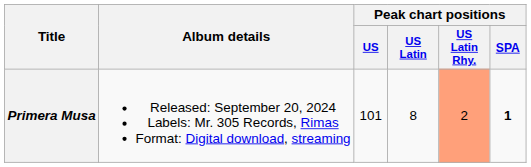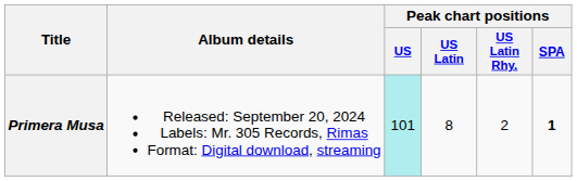 <table class="wikitable plainrowheaders" style="text-align: center;">
 <tr>
 <th scope="col" rowspan="2">Title</th>
 <th scope="col" rowspan="2">Album details</th>
 <th scope="col" colspan="4">Peak chart positions</th>
 </tr>
 <tr>
 <th scope="col" style="width:2.5em;font-size:85%;"><a href='#'>US</a><br></th>
 <th style="width:4em;font-size:85%"><a href='#'>US<br>Latin</a><br></th>
 <th style="width:4em;font-size:85%"><a href='#'>US<br>Latin<br>Rhy.</a><br></th>
 <th scope="col" style="width:2.5em;font-size:90%;"><a href='#'>SPA</a><br></th>
 </tr>
 <tr>
 <th scope="row"><em>Primera Musa</em></th>
 <td><br><ul><li>Released: September 20, 2024</li><li>Labels: Mr. 305 Records, <a href='#'>Rimas</a></li><li>Format: <a href='#'>Digital download</a>, <a href='#'>streaming</a></li></ul></td>
-<td>101</td>
+<td style="background: paleturquoise;">101</td>
 <td>8</td>
-<td style="background: lightsalmon;">2</td>
+<td>2</td>
 <td><strong>1</strong></td>
 </tr>
 </table>
